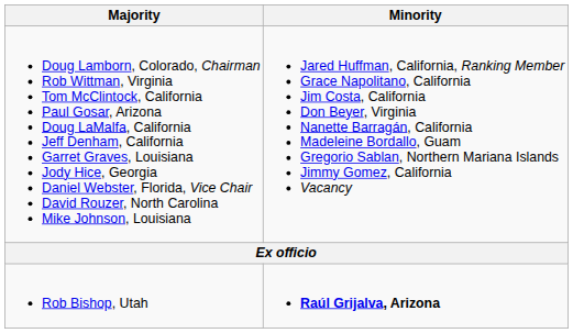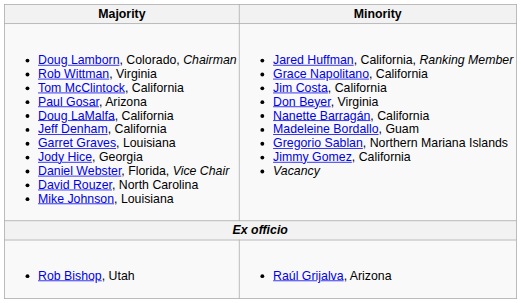 <table class=wikitable>
 <tr>
 <th>Majority</th>
 <th>Minority</th>
 </tr>
 <tr valign=top>
 <td><br><ul><li><a href='#'>Doug Lamborn</a>, Colorado, <em>Chairman</em></li><li><a href='#'>Rob Wittman</a>, Virginia</li><li><a href='#'>Tom McClintock</a>, California</li><li><a href='#'>Paul Gosar</a>, Arizona</li><li><a href='#'>Doug LaMalfa</a>, California</li><li><a href='#'>Jeff Denham</a>, California</li><li><a href='#'>Garret Graves</a>, Louisiana</li><li><a href='#'>Jody Hice</a>, Georgia</li><li><a href='#'>Daniel Webster</a>, Florida, <em>Vice Chair</em></li><li><a href='#'>David Rouzer</a>, North Carolina</li><li><a href='#'>Mike Johnson</a>, Louisiana</li></ul></td>
 <td><br><ul><li><a href='#'>Jared Huffman</a>, California, <em>Ranking Member</em></li><li><a href='#'>Grace Napolitano</a>, California</li><li><a href='#'>Jim Costa</a>, California</li><li><a href='#'>Don Beyer</a>, Virginia</li><li><a href='#'>Nanette Barragán</a>, California</li><li><a href='#'>Madeleine Bordallo</a>, Guam</li><li><span><a href='#'>Gregorio Sablan</a>, Northern Mariana Islands</span></li><li><a href='#'>Jimmy Gomez</a>, California</li><li><em>Vacancy</em></li></ul></td>
 </tr>
 <tr>
 <th colspan=2><em>Ex officio</em></th>
 </tr>
 <tr>
 <td><br><ul><li><a href='#'>Rob Bishop</a>, Utah</li></ul></td>
-<td><strong><br><ul><li><a href='#'>Raúl Grijalva</a>, Arizona</li></ul></strong></td>
+<td><br><ul><li><a href='#'>Raúl Grijalva</a>, Arizona</li></ul></td>
 </tr>
 </table>
